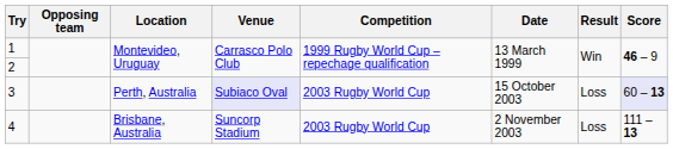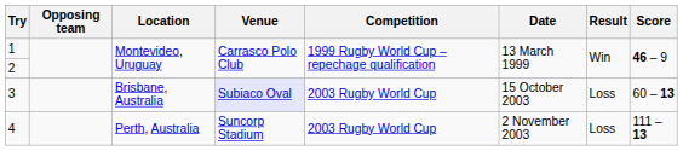 <table class="wikitable">
 <tr>
 <th>Try</th>
 <th>Opposing team</th>
 <th>Location</th>
 <th>Venue</th>
 <th>Competition</th>
 <th>Date</th>
 <th>Result</th>
 <th>Score</th>
 </tr>
 <tr>
 <td>1</td>
 <td rowspan="2"></td>
 <td rowspan="2"><a href='#'>Montevideo</a>, <a href='#'>Uruguay</a></td>
 <td rowspan="2"><a href='#'>Carrasco Polo Club</a></td>
 <td rowspan="2"><a href='#'>1999 Rugby World Cup – repechage qualification</a></td>
 <td rowspan="2">13 March 1999</td>
 <td rowspan="2">Win</td>
 <td rowspan="2"><strong>46</strong> – 9</td>
 </tr>
 <tr>
 <td>2</td>
 </tr>
 <tr>
 <td>3</td>
 <td></td>
-<td><a href='#'>Perth</a>, <a href='#'>Australia</a></td>
+<td><a href='#'>Brisbane</a>, <a href='#'>Australia</a></td>
 <td style="background: lavender;"><a href='#'>Subiaco Oval</a></td>
 <td><a href='#'>2003 Rugby World Cup</a></td>
 <td>15 October 2003</td>
 <td>Loss</td>
-<td style="background: lavender;">60 – <strong>13</strong></td>
+<td>60 – <strong>13</strong></td>
 </tr>
 <tr>
 <td>4</td>
 <td></td>
-<td><a href='#'>Brisbane</a>, <a href='#'>Australia</a></td>
+<td><a href='#'>Perth</a>, <a href='#'>Australia</a></td>
 <td><a href='#'>Suncorp Stadium</a></td>
 <td><a href='#'>2003 Rugby World Cup</a></td>
 <td>2 November 2003</td>
 <td>Loss</td>
 <td>111 – <strong>13</strong></td>
 </tr>
 </table>
